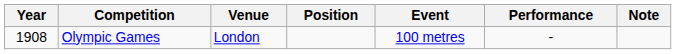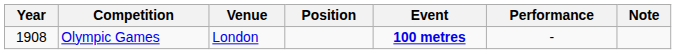 <table class="wikitable" width=55% style="font-size:90%; text-align:center;">
 <tr>
 <th>Year</th>
 <th>Competition</th>
 <th>Venue</th>
 <th>Position</th>
 <th>Event</th>
 <th>Performance</th>
 <th>Note</th>
 </tr>
 <tr>
 <td rowspan=2>1908</td>
 <td rowspan=2 align=left><a href='#'>Olympic Games</a></td>
 <td rowspan=2 align=left> <a href='#'>London</a></td>
 <td></td>
-<td><a href='#'>100 metres</a></td>
+<td><strong><a href='#'>100 metres</a></strong></td>
 <td>-</td>
 <td></td>
 </tr>
 </table>
